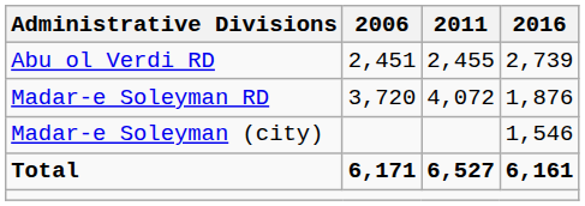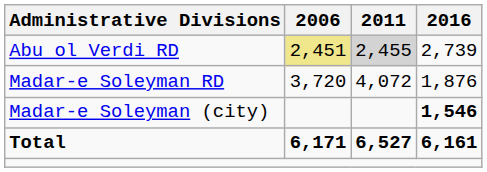 <table class="wikitable">
 <tr>
 <th>Administrative Divisions</th>
 <th>2006</th>
 <th>2011</th>
 <th>2016</th>
 </tr>
 <tr>
 <td><a href='#'>Abu ol Verdi RD</a></td>
-<td style="text-align: right;">2,451</td>
-<td style="text-align: right;">2,455</td>
+<td style="background: khaki; text-align: right;">2,451</td>
+<td style="background: lightgrey; text-align: right;">2,455</td>
 <td style="text-align: right;">2,739</td>
 </tr>
 <tr>
 <td><a href='#'>Madar-e Soleyman RD</a></td>
 <td style="text-align: right;">3,720</td>
 <td style="text-align: right;">4,072</td>
 <td style="text-align: right;">1,876</td>
 </tr>
 <tr>
 <td><a href='#'>Madar-e Soleyman</a> (city)</td>
 <td style="text-align: right;"></td>
 <td style="text-align: right;"></td>
-<td style="text-align: right;">1,546</td>
+<td style="text-align: right;"><strong>1,546</strong></td>
 </tr>
 <tr>
 <td><strong>Total</strong></td>
 <td style="text-align: right;"><strong>6,171</strong></td>
 <td style="text-align: right;"><strong>6,527</strong></td>
 <td style="text-align: right;"><strong>6,161</strong></td>
 </tr>
 <tr>
 <td colspan=4></td>
 </tr>
 </table>
